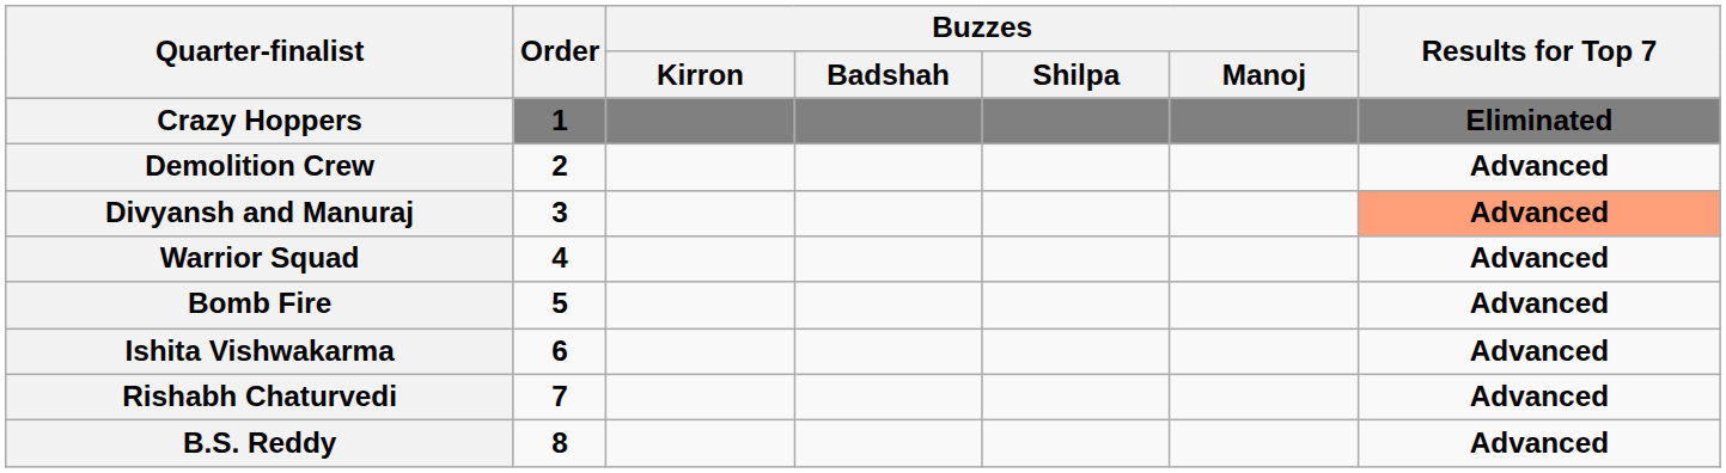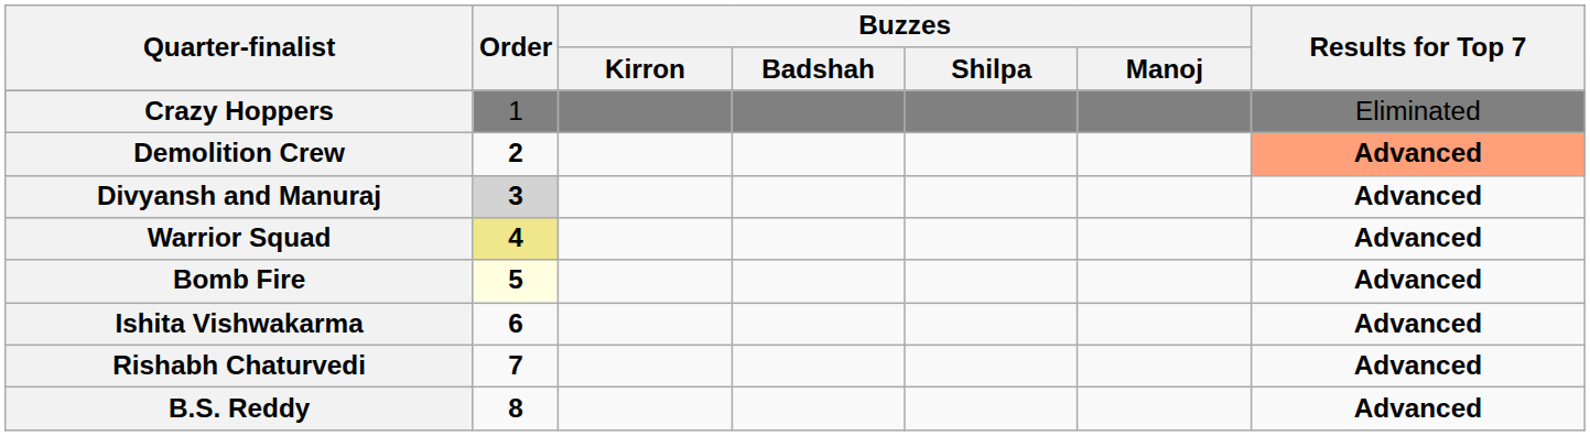 <table class="wikitable plainrowheaders sortable" style="text-align:center;">
 <tr>
 <th rowspan="2" class="unsortable" scope="col" style="width:17em;">Quarter-finalist</th>
 <th rowspan="2" scope="col" style="width:1em;">Order</th>
 <th colspan="4" class="unsortable" scope="col" style="width:24em;"><strong>Buzzes</strong></th>
 <th rowspan="2" class="sortable" scope="col" style="width:12em;">Results for Top 7</th>
 </tr>
 <tr>
 <th scope="col" class="unsortable" style="width:6em;">Kirron</th>
 <th scope="col" class="unsortable" style="width:6em;">Badshah</th>
 <th scope="col" class="unsortable" style="width:6em;">Shilpa</th>
 <th scope="col" class="unsortable" style="width:6em;">Manoj</th>
 </tr>
 <tr style="background:grey;">
 <th scope="row">Crazy Hoppers</th>
-<td><strong>1</strong></td>
+<td>1</td>
 <td></td>
 <td></td>
 <td></td>
 <td></td>
-<td><strong>Eliminated</strong></td>
+<td>Eliminated</td>
 </tr>
 <tr>
 <th scope="row"><strong>Demolition Crew</strong></th>
 <td><strong>2</strong></td>
 <td></td>
 <td></td>
 <td></td>
 <td></td>
-<td><strong>Advanced</strong></td>
+<td style="background: lightsalmon;"><strong>Advanced</strong></td>
 </tr>
 <tr>
 <th scope="row"><strong>Divyansh and Manuraj</strong></th>
-<td><strong>3</strong></td>
+<td style="background: lightgrey;"><strong>3</strong></td>
 <td></td>
 <td></td>
 <td></td>
 <td></td>
-<td style="background: lightsalmon;"><strong>Advanced</strong></td>
+<td><strong>Advanced</strong></td>
 </tr>
 <tr>
 <th scope="row"><strong>Warrior Squad</strong></th>
-<td><strong>4</strong></td>
+<td style="background: khaki;"><strong>4</strong></td>
 <td></td>
 <td></td>
 <td></td>
 <td></td>
 <td><strong>Advanced</strong></td>
 </tr>
 <tr>
 <th scope="row"><strong>Bomb Fire</strong></th>
-<td><strong>5</strong></td>
+<td style="background: lightyellow;"><strong>5</strong></td>
 <td></td>
 <td></td>
 <td></td>
 <td></td>
 <td><strong>Advanced</strong></td>
 </tr>
 <tr>
 <th scope="row"><strong>Ishita Vishwakarma</strong></th>
 <td><strong>6</strong></td>
 <td></td>
 <td></td>
 <td></td>
 <td></td>
 <td><strong>Advanced</strong></td>
 </tr>
 <tr>
 <th scope="row"><strong>Rishabh Chaturvedi</strong></th>
 <td><strong>7</strong></td>
 <td></td>
 <td></td>
 <td></td>
 <td></td>
 <td><strong>Advanced</strong></td>
 </tr>
 <tr>
 <th scope="row"><strong>B.S. Reddy</strong></th>
 <td><strong>8</strong></td>
 <td></td>
 <td></td>
 <td></td>
 <td></td>
 <td><strong>Advanced</strong></td>
 </tr>
 </table>
